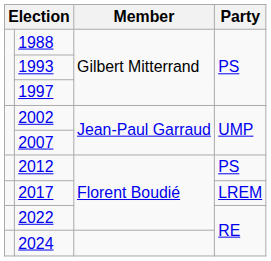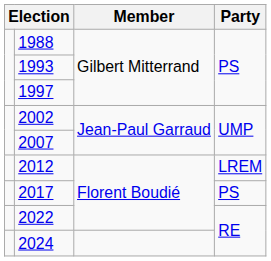 <table class="wikitable">
 <tr>
 <th colspan="2">Election</th>
 <th>Member</th>
 <th>Party</th>
 </tr>
 <tr>
 <td rowspan="3" style="color:inherit;background-color: "></td>
 <td><a href='#'>1988</a></td>
 <td rowspan="3">Gilbert Mitterrand</td>
 <td rowspan="3"><a href='#'>PS</a></td>
 </tr>
 <tr>
 <td><a href='#'>1993</a></td>
 </tr>
 <tr>
 <td><a href='#'>1997</a></td>
 </tr>
 <tr>
 <td rowspan=2 style="color:inherit;background-color: "></td>
 <td><a href='#'>2002</a></td>
 <td rowspan=2><a href='#'>Jean-Paul Garraud</a></td>
 <td rowspan=2><a href='#'>UMP</a></td>
 </tr>
 <tr>
 <td><a href='#'>2007</a></td>
 </tr>
 <tr>
 <td style="color:inherit;background-color: "></td>
 <td><a href='#'>2012</a></td>
 <td rowspan="3"><a href='#'>Florent Boudié</a></td>
-<td><a href='#'>PS</a></td>
+<td><a href='#'>LREM</a></td>
 </tr>
 <tr>
 <td style="color:inherit;background-color: "></td>
 <td><a href='#'>2017</a></td>
-<td><a href='#'>LREM</a></td>
+<td><a href='#'>PS</a></td>
 </tr>
 <tr>
 <td style="color:inherit;background-color: "></td>
 <td><a href='#'>2022</a></td>
 <td rowspan="2"><a href='#'>RE</a></td>
 </tr>
 <tr>
 <td style="color:inherit;background-color: "></td>
 <td><a href='#'>2024</a></td>
 </tr>
 </table>
